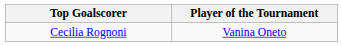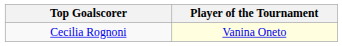 <table class=wikitable style="margin:auto; text-align:center">
 <tr>
 <th style="width: 220px;">Top Goalscorer</th>
 <th style="width: 220px;">Player of the Tournament</th>
 </tr>
 <tr>
 <td> <a href='#'>Cecilia Rognoni</a></td>
-<td> <a href='#'>Vanina Oneto</a></td>
+<td style="background: lightyellow;"> <a href='#'>Vanina Oneto</a></td>
 </tr>
 </table>
